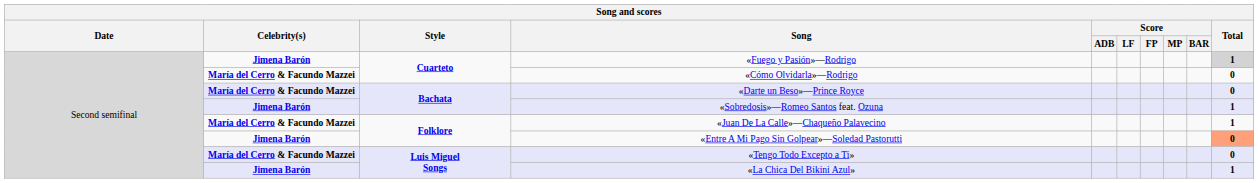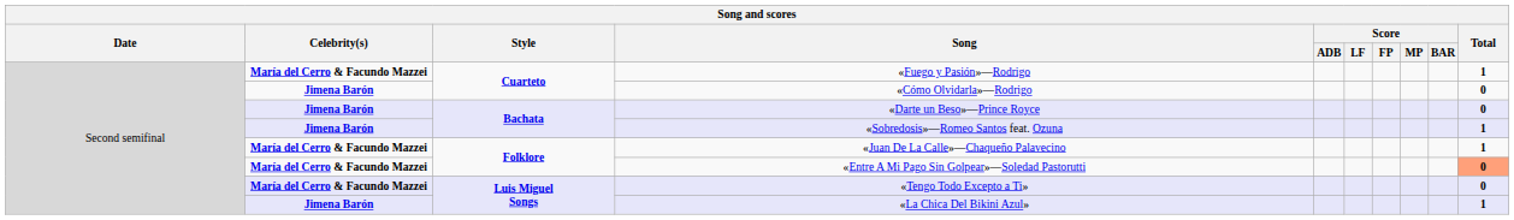 <table class="wikitable collapsible collapsed" style="font-size:95%; text-align: center; width: 100%;">
 <tr>
 <th colspan="11" style="with: 100%;" align=center>Song and scores</th>
 </tr>
 <tr>
 <th rowspan="2">Date</th>
 <th rowspan="2" width="240">Celebrity(s)</th>
 <th rowspan="2">Style</th>
 <th rowspan="2">Song</th>
 <th colspan="5">Score</th>
 <th rowspan="2" width="60">Total</th>
 </tr>
 <tr>
 <th width=30>ADB</th>
 <th width=30>LF</th>
 <th width=30>FP</th>
 <th width=30>MP</th>
 <th width=30>BAR</th>
 </tr>
 <tr>
 <td rowspan="8" style=" background:#d8d8d8">Second semifinal<br></td>
-<td><strong><a href='#'>Jimena Barón</a></strong></td>
+<td><strong><a href='#'>María del Cerro</a> & Facundo Mazzei</strong></td>
 <td rowspan="2"><strong><a href='#'>Cuarteto</a></strong></td>
 <td>«<a href='#'>Fuego y Pasión</a>»—<a href='#'>Rodrigo</a></td>
 <td></td>
 <td></td>
 <td></td>
 <td></td>
 <td></td>
-<td style="background: lightgrey;"><strong>1</strong></td>
+<td><strong>1</strong></td>
 </tr>
 <tr>
-<td><strong><a href='#'>María del Cerro</a> & Facundo Mazzei</strong></td>
+<td><strong><a href='#'>Jimena Barón</a></strong></td>
 <td>«<a href='#'>Cómo Olvidarla</a>»—<a href='#'>Rodrigo</a></td>
 <td></td>
 <td></td>
 <td></td>
 <td></td>
 <td></td>
 <td><strong>0</strong></td>
 </tr>
 <tr style="background:lavender;">
-<td><strong><a href='#'>María del Cerro</a> & Facundo Mazzei</strong></td>
+<td><strong><a href='#'>Jimena Barón</a></strong></td>
 <td rowspan="2"><strong><a href='#'>Bachata</a></strong></td>
 <td>«<a href='#'>Darte un Beso</a>»—<a href='#'>Prince Royce</a></td>
 <td></td>
 <td></td>
 <td></td>
 <td></td>
 <td></td>
 <td><strong>0</strong></td>
 </tr>
 <tr style="background:lavender;">
 <td><strong><a href='#'>Jimena Barón</a></strong></td>
 <td>«<a href='#'>Sobredosis</a>»—<a href='#'>Romeo Santos</a> feat. <a href='#'>Ozuna</a></td>
 <td></td>
 <td></td>
 <td></td>
 <td></td>
 <td></td>
 <td><strong>1</strong></td>
 </tr>
 <tr>
 <td><strong><a href='#'>María del Cerro</a> & Facundo Mazzei</strong></td>
 <td rowspan="2"><strong><a href='#'>Folklore</a></strong></td>
 <td>«<a href='#'>Juan De La Calle</a>»—<a href='#'>Chaqueño Palavecino</a></td>
 <td></td>
 <td></td>
 <td></td>
 <td></td>
 <td></td>
 <td><strong>1</strong></td>
 </tr>
 <tr>
-<td><strong><a href='#'>Jimena Barón</a></strong></td>
+<td><strong><a href='#'>María del Cerro</a> & Facundo Mazzei</strong></td>
 <td>«<a href='#'>Entre A Mi Pago Sin Golpear</a>»—<a href='#'>Soledad Pastorutti</a></td>
 <td></td>
 <td></td>
 <td></td>
 <td></td>
 <td></td>
 <td style="background: lightsalmon;"><strong>0</strong></td>
 </tr>
 <tr style="background:lavender;">
 <td><strong><a href='#'>María del Cerro</a> & Facundo Mazzei</strong></td>
 <td rowspan="2"><strong><a href='#'>Luis Miguel<br>Songs</a></strong></td>
 <td>«<a href='#'>Tengo Todo Excepto a Ti</a>»</td>
 <td></td>
 <td></td>
 <td></td>
 <td></td>
 <td></td>
 <td><strong>0</strong></td>
 </tr>
 <tr style="background:lavender;">
 <td><strong><a href='#'>Jimena Barón</a></strong></td>
 <td>«<a href='#'>La Chica Del Bikini Azul</a>»</td>
 <td></td>
 <td></td>
 <td></td>
 <td></td>
 <td></td>
 <td><strong>1</strong></td>
 </tr>
 </table>
